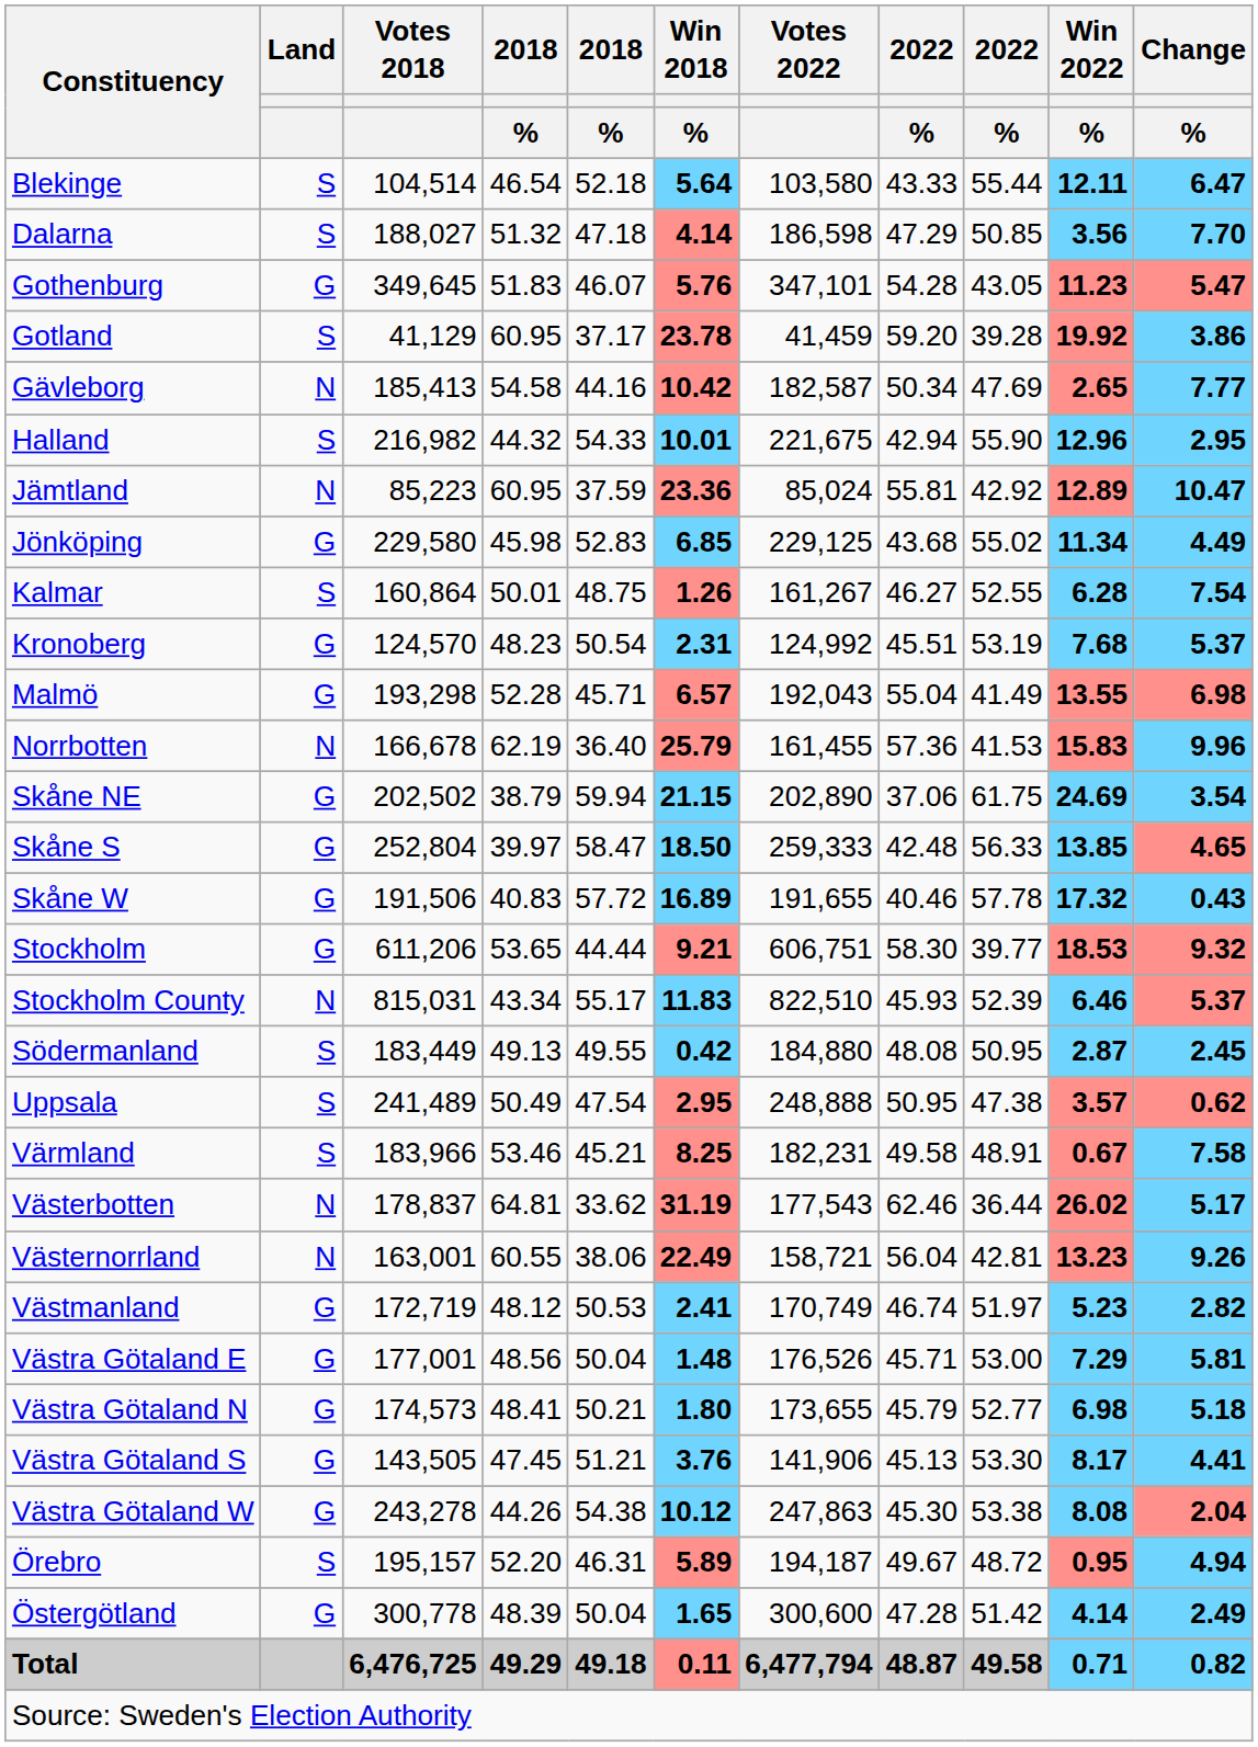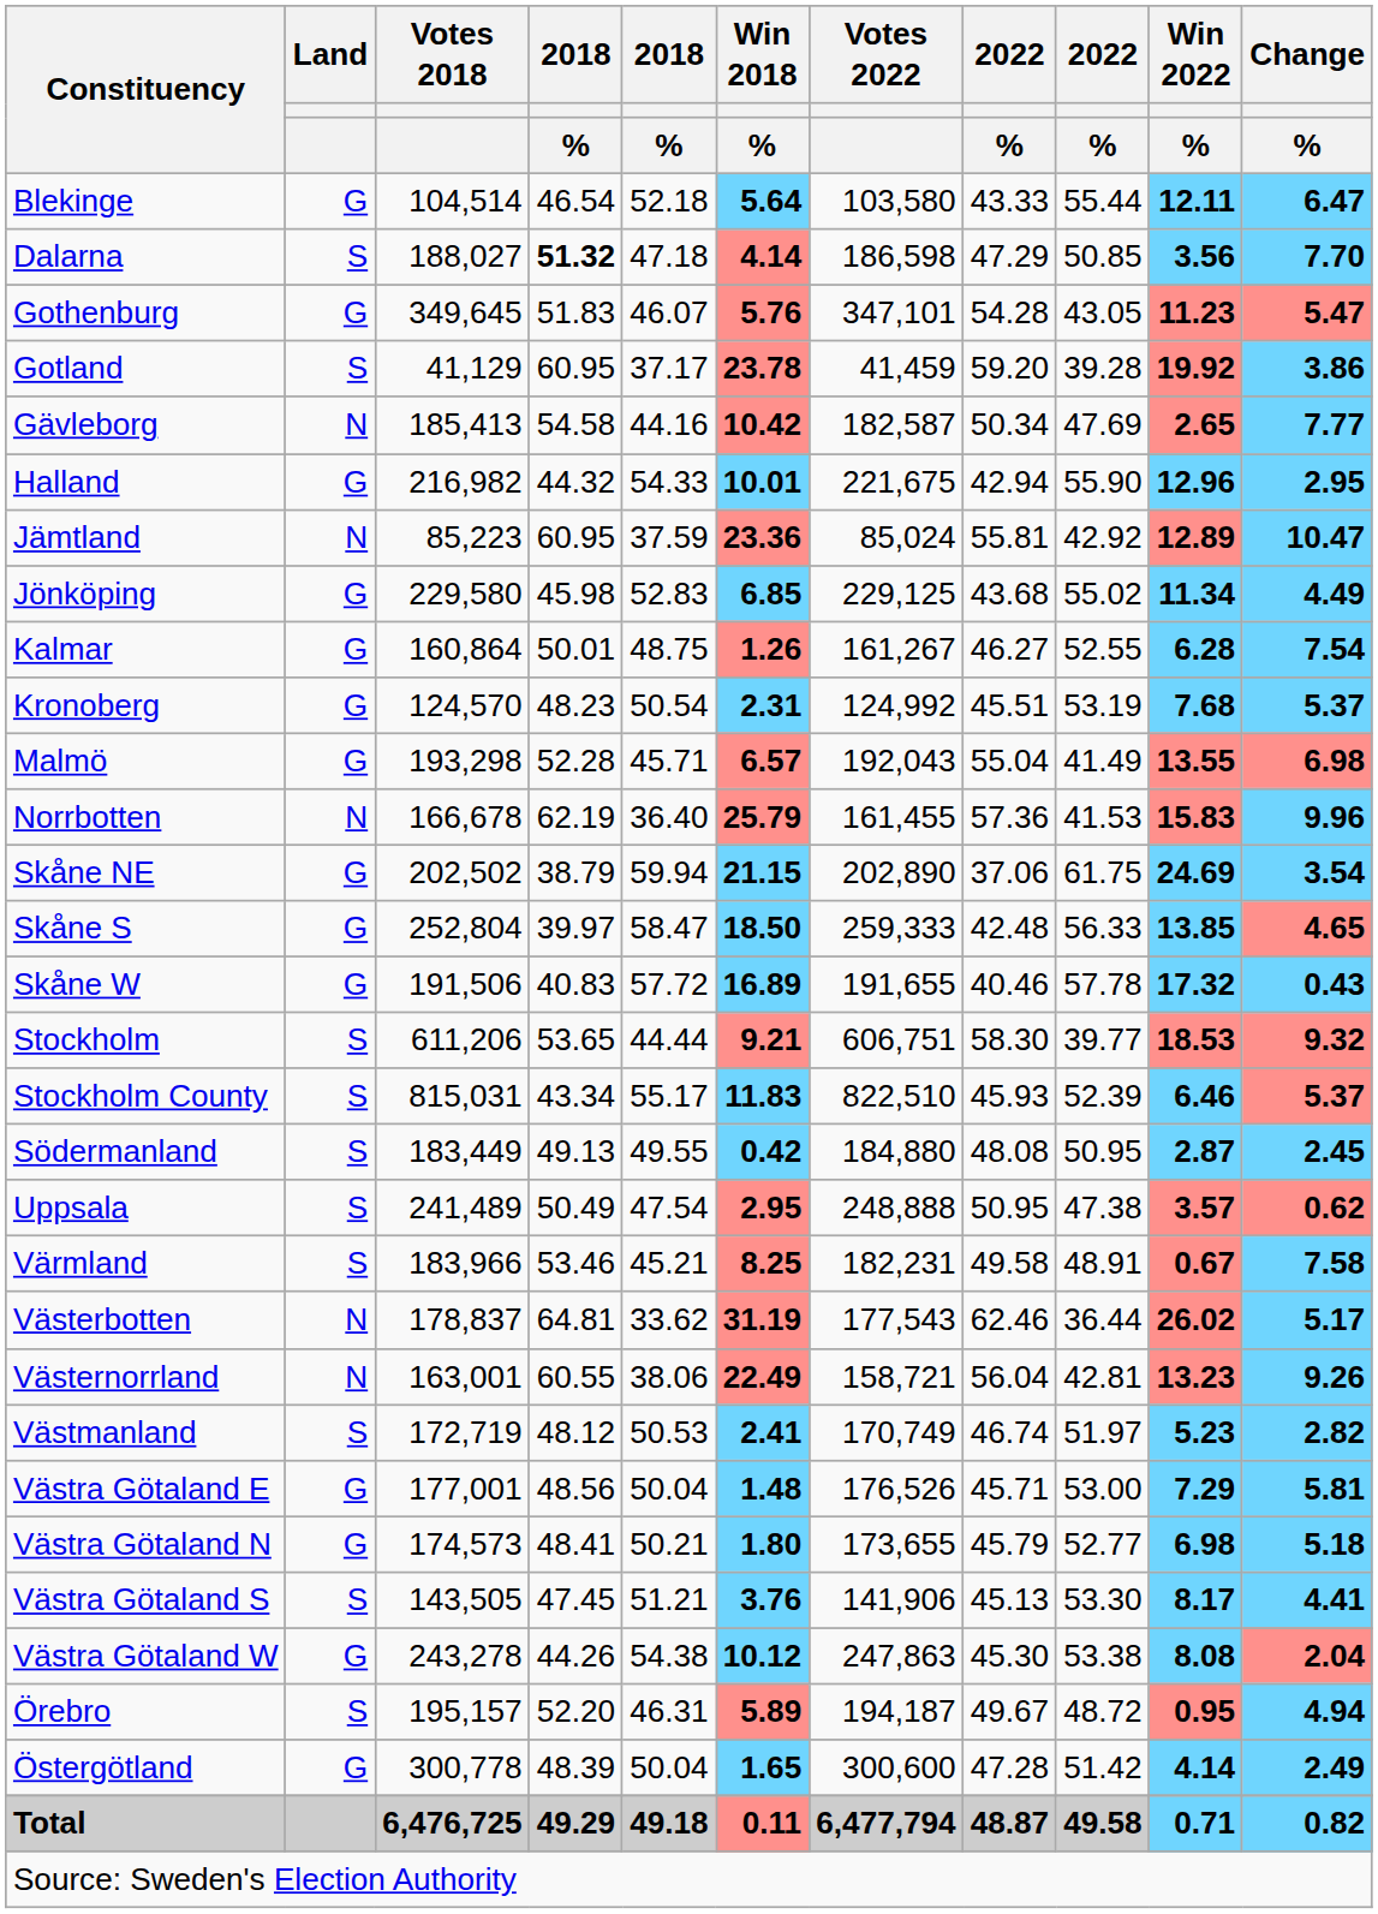 <table class="wikitable sortable" style="text-align:right; font-size:95%; line-height:20px;">
 <tr>
 <th rowspan="3">Constituency</th>
 <th>Land</th>
 <th width="30px" class="unsortable">Votes 2018</th>
 <th> 2018</th>
 <th> 2018</th>
 <th width="30px" class="unsortable">Win 2018</th>
 <th width="30px" class="unsortable">Votes 2022</th>
 <th> 2022</th>
 <th> 2022</th>
 <th width="30px" class="unsortable">Win 2022</th>
 <th width="30px" class="unsortable">Change</th>
 </tr>
 <tr>
 <th></th>
 <th></th>
 <th style="background:"></th>
 <th style="background:"></th>
 <th></th>
 <th></th>
 <th style="background:"></th>
 <th style="background:"></th>
 <th></th>
 <th></th>
 </tr>
 <tr>
 <th data-sort-type="number"></th>
 <th data-sort-type="number"></th>
 <th data-sort-type="number">%</th>
 <th data-sort-type="number">%</th>
 <th data-sort-type="number">%</th>
 <th data-sort-type="number"></th>
 <th data-sort-type="number">%</th>
 <th data-sort-type="number">%</th>
 <th data-sort-type="number">%</th>
 <th data-sort-type="number">%</th>
 </tr>
 <tr>
 <td align="left"><a href='#'>Blekinge</a></td>
-<td><a href='#'>S</a></td>
+<td><a href='#'>G</a></td>
 <td>104,514</td>
 <td>46.54</td>
 <td>52.18</td>
 <td bgcolor=#6fd5fe><strong>5.64</strong></td>
 <td>103,580</td>
 <td>43.33</td>
 <td>55.44</td>
 <td bgcolor=#6fd5fe><strong>12.11</strong></td>
 <td bgcolor=#6fd5fe><strong>6.47</strong></td>
 </tr>
 <tr>
 <td align="left"><a href='#'>Dalarna</a></td>
 <td><a href='#'>S</a></td>
 <td>188,027</td>
-<td>51.32</td>
+<td><strong>51.32</strong></td>
 <td>47.18</td>
 <td bgcolor=#ff908c><strong>4.14</strong></td>
 <td>186,598</td>
 <td>47.29</td>
 <td>50.85</td>
 <td bgcolor=#6fd5fe><strong>3.56</strong></td>
 <td bgcolor=#6fd5fe><strong>7.70</strong></td>
 </tr>
 <tr>
 <td align="left"><a href='#'>Gothenburg</a></td>
 <td><a href='#'>G</a></td>
 <td>349,645</td>
 <td>51.83</td>
 <td>46.07</td>
 <td bgcolor=#ff908c><strong>5.76</strong></td>
 <td>347,101</td>
 <td>54.28</td>
 <td>43.05</td>
 <td bgcolor=#ff908c><strong>11.23</strong></td>
 <td bgcolor=#ff908c><strong>5.47</strong></td>
 </tr>
 <tr>
 <td align="left"><a href='#'>Gotland</a></td>
 <td><a href='#'>S</a></td>
 <td>41,129</td>
 <td>60.95</td>
 <td>37.17</td>
 <td bgcolor=#ff908c><strong>23.78</strong></td>
 <td>41,459</td>
 <td>59.20</td>
 <td>39.28</td>
 <td bgcolor=#ff908c><strong>19.92</strong></td>
 <td bgcolor=#6fd5fe><strong>3.86</strong></td>
 </tr>
 <tr>
 <td align="left"><a href='#'>Gävleborg</a></td>
 <td><a href='#'>N</a></td>
 <td>185,413</td>
 <td>54.58</td>
 <td>44.16</td>
 <td bgcolor=#ff908c><strong>10.42</strong></td>
 <td>182,587</td>
 <td>50.34</td>
 <td>47.69</td>
 <td bgcolor=#ff908c><strong>2.65</strong></td>
 <td bgcolor=#6fd5fe><strong>7.77</strong></td>
 </tr>
 <tr>
 <td align="left"><a href='#'>Halland</a></td>
-<td><a href='#'>S</a></td>
+<td><a href='#'>G</a></td>
 <td>216,982</td>
 <td>44.32</td>
 <td>54.33</td>
 <td bgcolor=#6fd5fe><strong>10.01</strong></td>
 <td>221,675</td>
 <td>42.94</td>
 <td>55.90</td>
 <td bgcolor=#6fd5fe><strong>12.96</strong></td>
 <td bgcolor=#6fd5fe><strong>2.95</strong></td>
 </tr>
 <tr>
 <td align="left"><a href='#'>Jämtland</a></td>
 <td><a href='#'>N</a></td>
 <td>85,223</td>
 <td>60.95</td>
 <td>37.59</td>
 <td bgcolor=#ff908c><strong>23.36</strong></td>
 <td>85,024</td>
 <td>55.81</td>
 <td>42.92</td>
 <td bgcolor=#ff908c><strong>12.89</strong></td>
 <td bgcolor=#6fd5fe><strong>10.47</strong></td>
 </tr>
 <tr>
 <td align="left"><a href='#'>Jönköping</a></td>
 <td><a href='#'>G</a></td>
 <td>229,580</td>
 <td>45.98</td>
 <td>52.83</td>
 <td bgcolor=#6fd5fe><strong>6.85</strong></td>
 <td>229,125</td>
 <td>43.68</td>
 <td>55.02</td>
 <td bgcolor=#6fd5fe><strong>11.34</strong></td>
 <td bgcolor=#6fd5fe><strong>4.49</strong></td>
 </tr>
 <tr>
 <td align="left"><a href='#'>Kalmar</a></td>
-<td><a href='#'>S</a></td>
+<td><a href='#'>G</a></td>
 <td>160,864</td>
 <td>50.01</td>
 <td>48.75</td>
 <td bgcolor=#ff908c><strong>1.26</strong></td>
 <td>161,267</td>
 <td>46.27</td>
 <td>52.55</td>
 <td bgcolor=#6fd5fe><strong>6.28</strong></td>
 <td bgcolor=#6fd5fe><strong>7.54</strong></td>
 </tr>
 <tr>
 <td align="left"><a href='#'>Kronoberg</a></td>
 <td><a href='#'>G</a></td>
 <td>124,570</td>
 <td>48.23</td>
 <td>50.54</td>
 <td bgcolor=#6fd5fe><strong>2.31</strong></td>
 <td>124,992</td>
 <td>45.51</td>
 <td>53.19</td>
 <td bgcolor=#6fd5fe><strong>7.68</strong></td>
 <td bgcolor=#6fd5fe><strong>5.37</strong></td>
 </tr>
 <tr>
 <td align="left"><a href='#'>Malmö</a></td>
 <td><a href='#'>G</a></td>
 <td>193,298</td>
 <td>52.28</td>
 <td>45.71</td>
 <td bgcolor=#ff908c><strong>6.57</strong></td>
 <td>192,043</td>
 <td>55.04</td>
 <td>41.49</td>
 <td bgcolor=#ff908c><strong>13.55</strong></td>
 <td bgcolor=#ff908c><strong>6.98</strong></td>
 </tr>
 <tr>
 <td align="left"><a href='#'>Norrbotten</a></td>
 <td><a href='#'>N</a></td>
 <td>166,678</td>
 <td>62.19</td>
 <td>36.40</td>
 <td bgcolor=#ff908c><strong>25.79</strong></td>
 <td>161,455</td>
 <td>57.36</td>
 <td>41.53</td>
 <td bgcolor=#ff908c><strong>15.83</strong></td>
 <td bgcolor=#6fd5fe><strong>9.96</strong></td>
 </tr>
 <tr>
 <td align="left"><a href='#'>Skåne NE</a></td>
 <td><a href='#'>G</a></td>
 <td>202,502</td>
 <td>38.79</td>
 <td>59.94</td>
 <td bgcolor=#6fd5fe><strong>21.15</strong></td>
 <td>202,890</td>
 <td>37.06</td>
 <td>61.75</td>
 <td bgcolor=#6fd5fe><strong>24.69</strong></td>
 <td bgcolor=#6fd5fe><strong>3.54</strong></td>
 </tr>
 <tr>
 <td align="left"><a href='#'>Skåne S</a></td>
 <td><a href='#'>G</a></td>
 <td>252,804</td>
 <td>39.97</td>
 <td>58.47</td>
 <td bgcolor=#6fd5fe><strong>18.50</strong></td>
 <td>259,333</td>
 <td>42.48</td>
 <td>56.33</td>
 <td bgcolor=#6fd5fe><strong>13.85</strong></td>
 <td bgcolor=#ff908c><strong>4.65</strong></td>
 </tr>
 <tr>
 <td align="left"><a href='#'>Skåne W</a></td>
 <td><a href='#'>G</a></td>
 <td>191,506</td>
 <td>40.83</td>
 <td>57.72</td>
 <td bgcolor=#6fd5fe><strong>16.89</strong></td>
 <td>191,655</td>
 <td>40.46</td>
 <td>57.78</td>
 <td bgcolor=#6fd5fe><strong>17.32</strong></td>
 <td bgcolor=#6fd5fe><strong>0.43</strong></td>
 </tr>
 <tr>
 <td align="left"><a href='#'>Stockholm</a></td>
-<td><a href='#'>G</a></td>
+<td><a href='#'>S</a></td>
 <td>611,206</td>
 <td>53.65</td>
 <td>44.44</td>
 <td bgcolor=#ff908c><strong>9.21</strong></td>
 <td>606,751</td>
 <td>58.30</td>
 <td>39.77</td>
 <td bgcolor=#ff908c><strong>18.53</strong></td>
 <td bgcolor=#ff908c><strong>9.32</strong></td>
 </tr>
 <tr>
 <td align="left"><a href='#'>Stockholm County</a></td>
-<td><a href='#'>N</a></td>
+<td><a href='#'>S</a></td>
 <td>815,031</td>
 <td>43.34</td>
 <td>55.17</td>
 <td bgcolor=#6fd5fe><strong>11.83</strong></td>
 <td>822,510</td>
 <td>45.93</td>
 <td>52.39</td>
 <td bgcolor=#6fd5fe><strong>6.46</strong></td>
 <td bgcolor=#ff908c><strong>5.37</strong></td>
 </tr>
 <tr>
 <td align="left"><a href='#'>Södermanland</a></td>
 <td><a href='#'>S</a></td>
 <td>183,449</td>
 <td>49.13</td>
 <td>49.55</td>
 <td bgcolor=#6fd5fe><strong>0.42</strong></td>
 <td>184,880</td>
 <td>48.08</td>
 <td>50.95</td>
 <td bgcolor=#6fd5fe><strong>2.87</strong></td>
 <td bgcolor=#6fd5fe><strong>2.45</strong></td>
 </tr>
 <tr>
 <td align="left"><a href='#'>Uppsala</a></td>
 <td><a href='#'>S</a></td>
 <td>241,489</td>
 <td>50.49</td>
 <td>47.54</td>
 <td bgcolor=#ff908c><strong>2.95</strong></td>
 <td>248,888</td>
 <td>50.95</td>
 <td>47.38</td>
 <td bgcolor=#ff908c><strong>3.57</strong></td>
 <td bgcolor=#ff908c><strong>0.62</strong></td>
 </tr>
 <tr>
 <td align="left"><a href='#'>Värmland</a></td>
 <td><a href='#'>S</a></td>
 <td>183,966</td>
 <td>53.46</td>
 <td>45.21</td>
 <td bgcolor=#ff908c><strong>8.25</strong></td>
 <td>182,231</td>
 <td>49.58</td>
 <td>48.91</td>
 <td bgcolor=#ff908c><strong>0.67</strong></td>
 <td bgcolor=#6fd5fe><strong>7.58</strong></td>
 </tr>
 <tr>
 <td align="left"><a href='#'>Västerbotten</a></td>
 <td><a href='#'>N</a></td>
 <td>178,837</td>
 <td>64.81</td>
 <td>33.62</td>
 <td bgcolor=#ff908c><strong>31.19</strong></td>
 <td>177,543</td>
 <td>62.46</td>
 <td>36.44</td>
 <td bgcolor=#ff908c><strong>26.02</strong></td>
 <td bgcolor=#6fd5fe><strong>5.17</strong></td>
 </tr>
 <tr>
 <td align="left"><a href='#'>Västernorrland</a></td>
 <td><a href='#'>N</a></td>
 <td>163,001</td>
 <td>60.55</td>
 <td>38.06</td>
 <td bgcolor=#ff908c><strong>22.49</strong></td>
 <td>158,721</td>
 <td>56.04</td>
 <td>42.81</td>
 <td bgcolor=#ff908c><strong>13.23</strong></td>
 <td bgcolor=#6fd5fe><strong>9.26</strong></td>
 </tr>
 <tr>
 <td align="left"><a href='#'>Västmanland</a></td>
-<td><a href='#'>G</a></td>
+<td><a href='#'>S</a></td>
 <td>172,719</td>
 <td>48.12</td>
 <td>50.53</td>
 <td bgcolor=#6fd5fe><strong>2.41</strong></td>
 <td>170,749</td>
 <td>46.74</td>
 <td>51.97</td>
 <td bgcolor=#6fd5fe><strong>5.23</strong></td>
 <td bgcolor=#6fd5fe><strong>2.82</strong></td>
 </tr>
 <tr>
 <td align="left"><a href='#'>Västra Götaland E</a></td>
 <td><a href='#'>G</a></td>
 <td>177,001</td>
 <td>48.56</td>
 <td>50.04</td>
 <td bgcolor=#6fd5fe><strong>1.48</strong></td>
 <td>176,526</td>
 <td>45.71</td>
 <td>53.00</td>
 <td bgcolor=#6fd5fe><strong>7.29</strong></td>
 <td bgcolor=#6fd5fe><strong>5.81</strong></td>
 </tr>
 <tr>
 <td align="left"><a href='#'>Västra Götaland N</a></td>
 <td><a href='#'>G</a></td>
 <td>174,573</td>
 <td>48.41</td>
 <td>50.21</td>
 <td bgcolor=#6fd5fe><strong>1.80</strong></td>
 <td>173,655</td>
 <td>45.79</td>
 <td>52.77</td>
 <td bgcolor=#6fd5fe><strong>6.98</strong></td>
 <td bgcolor=#6fd5fe><strong>5.18</strong></td>
 </tr>
 <tr>
 <td align="left"><a href='#'>Västra Götaland S</a></td>
-<td><a href='#'>G</a></td>
+<td><a href='#'>S</a></td>
 <td>143,505</td>
 <td>47.45</td>
 <td>51.21</td>
 <td bgcolor=#6fd5fe><strong>3.76</strong></td>
 <td>141,906</td>
 <td>45.13</td>
 <td>53.30</td>
 <td bgcolor=#6fd5fe><strong>8.17</strong></td>
 <td bgcolor=#6fd5fe><strong>4.41</strong></td>
 </tr>
 <tr>
 <td align="left"><a href='#'>Västra Götaland W</a></td>
 <td><a href='#'>G</a></td>
 <td>243,278</td>
 <td>44.26</td>
 <td>54.38</td>
 <td bgcolor=#6fd5fe><strong>10.12</strong></td>
 <td>247,863</td>
 <td>45.30</td>
 <td>53.38</td>
 <td bgcolor=#6fd5fe><strong>8.08</strong></td>
 <td bgcolor=#ff908c><strong>2.04</strong></td>
 </tr>
 <tr>
 <td align="left"><a href='#'>Örebro</a></td>
 <td><a href='#'>S</a></td>
 <td>195,157</td>
 <td>52.20</td>
 <td>46.31</td>
 <td bgcolor=#ff908c><strong>5.89</strong></td>
 <td>194,187</td>
 <td>49.67</td>
 <td>48.72</td>
 <td bgcolor=#ff908c><strong>0.95</strong></td>
 <td bgcolor=#6fd5fe><strong>4.94</strong></td>
 </tr>
 <tr>
 <td align="left"><a href='#'>Östergötland</a></td>
 <td><a href='#'>G</a></td>
 <td>300,778</td>
 <td>48.39</td>
 <td>50.04</td>
 <td bgcolor=#6fd5fe><strong>1.65</strong></td>
 <td>300,600</td>
 <td>47.28</td>
 <td>51.42</td>
 <td bgcolor=#6fd5fe><strong>4.14</strong></td>
 <td bgcolor=#6fd5fe><strong>2.49</strong></td>
 </tr>
 <tr>
 </tr>
 <tr style="background:#CDCDCD;">
 <td align="left"><strong>Total</strong></td>
 <td></td>
 <td><strong>6,476,725</strong></td>
 <td><strong>49.29</strong></td>
 <td><strong>49.18</strong></td>
 <td bgcolor=#ff908c><strong>0.11</strong></td>
 <td><strong>6,477,794</strong></td>
 <td><strong>48.87</strong></td>
 <td><strong>49.58</strong></td>
 <td bgcolor=#6fd5fe><strong>0.71</strong></td>
 <td bgcolor=#6fd5fe><strong>0.82</strong></td>
 </tr>
 <tr>
 <td colspan="11" align="left">Source: Sweden's <a href='#'>Election Authority</a></td>
 </tr>
 </table>
